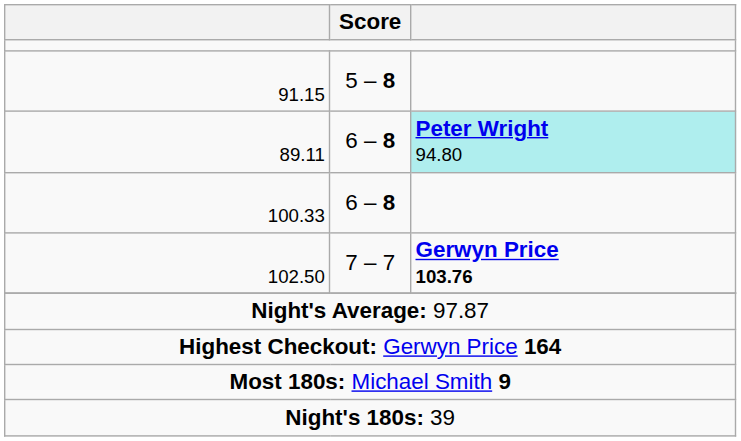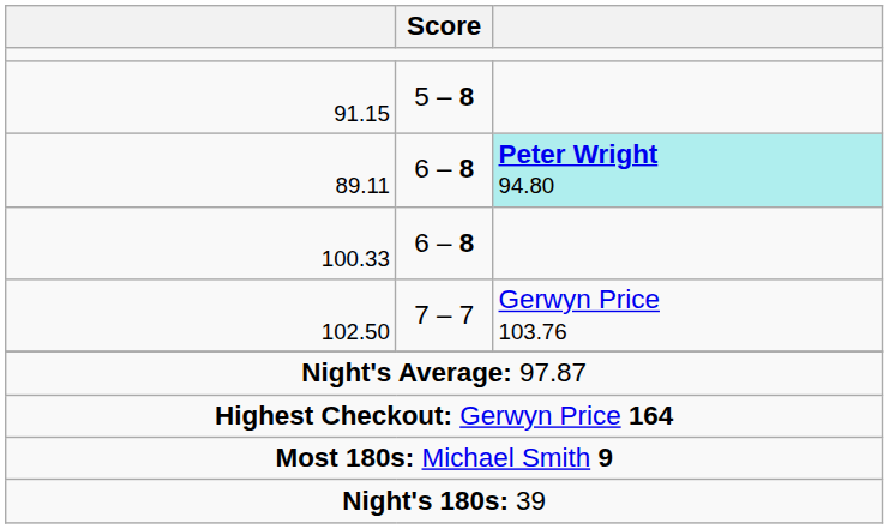 <table class=wikitable style="text-align:center">
 <tr>
 <th width=225></th>
 <th width=50>Score</th>
 <th width=225></th>
 </tr>
 <tr align=centre>
 <td colspan="3"></td>
 </tr>
 <tr align=left>
 <td align=right> <br> <small><span>91.15</span></small></td>
 <td align=center>5 – <strong>8</strong></td>
 <td></td>
 </tr>
 <tr align=left>
 <td align=right> <br> <small><span>89.11</span></small></td>
 <td align=center>6 – <strong>8</strong></td>
 <td style="background: paleturquoise;"> <strong><a href='#'>Peter Wright</a></strong> <br> <small><span>94.80</span></small></td>
 </tr>
 <tr align=left>
 <td align=right> <br> <small><span>100.33</span></small></td>
 <td align=center>6 – <strong>8</strong></td>
 <td></td>
 </tr>
 <tr align=left>
 <td align=right> <br> <small><span>102.50</span></small></td>
 <td align=center>7 – 7</td>
-<td><strong> <a href='#'>Gerwyn Price</a> <br> <small><span>103.76</span></small></strong></td>
+<td> <a href='#'>Gerwyn Price</a> <br> <small><span>103.76</span></small></td>
 </tr>
 <tr align=left>
 </tr>
 <tr align=center>
 </tr>
 <tr align=center>
 <td colspan="3"><strong>Night's Average:</strong> 97.87</td>
 </tr>
 <tr align=center>
 <td colspan="3"><strong>Highest Checkout:</strong>  <a href='#'>Gerwyn Price</a> <strong>164</strong></td>
 </tr>
 <tr align=center>
 <td colspan="3"><strong>Most 180s:</strong>  <a href='#'>Michael Smith</a> <strong>9</strong></td>
 </tr>
 <tr align=center>
 <td colspan="3"><strong>Night's 180s:</strong> 39</td>
 </tr>
 </table>
